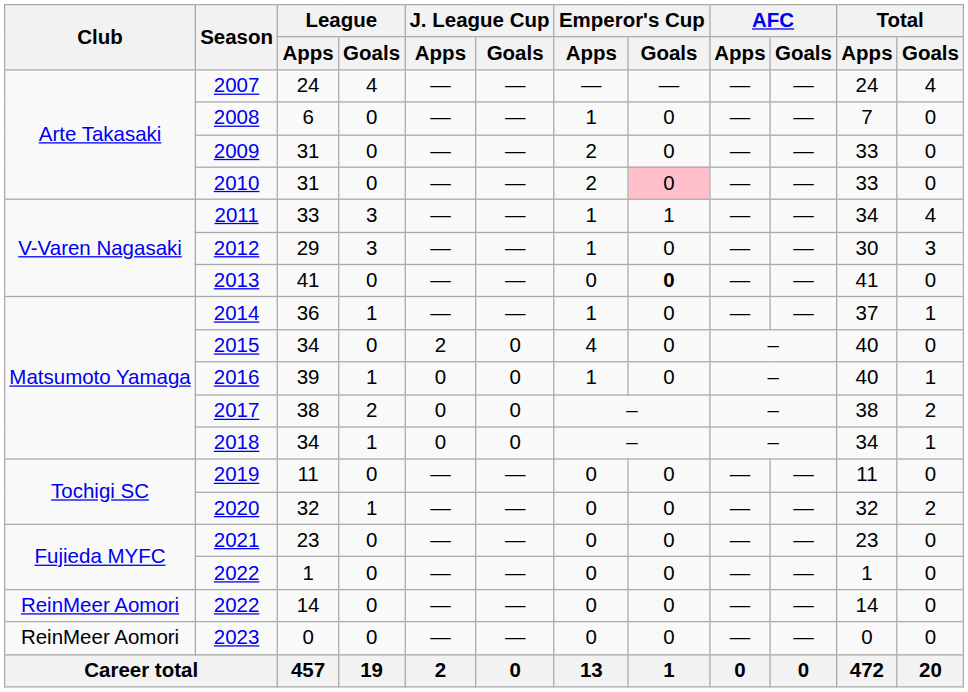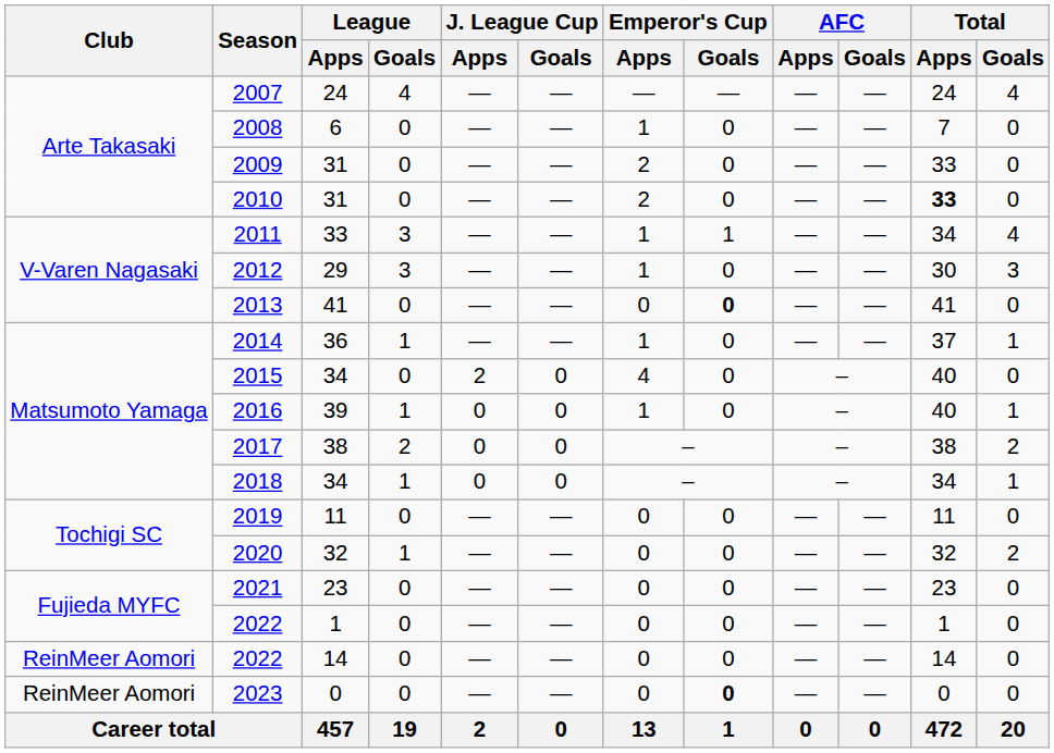 <table class="wikitable" style="text-align: center;">
 <tr>
 <th rowspan="2">Club</th>
 <th rowspan="2">Season</th>
 <th colspan="2">League</th>
 <th colspan="2">J. League Cup</th>
 <th colspan="2">Emperor's Cup</th>
 <th colspan="2"><a href='#'>AFC</a></th>
 <th colspan="2">Total</th>
 </tr>
 <tr>
 <th>Apps</th>
 <th>Goals</th>
 <th>Apps</th>
 <th>Goals</th>
 <th>Apps</th>
 <th>Goals</th>
 <th>Apps</th>
 <th>Goals</th>
 <th>Apps</th>
 <th>Goals</th>
 </tr>
 <tr>
 <td rowspan="4"><a href='#'>Arte Takasaki</a></td>
 <td><a href='#'>2007</a></td>
 <td>24</td>
 <td>4</td>
 <td>—</td>
 <td>—</td>
 <td>—</td>
 <td>—</td>
 <td>—</td>
 <td>—</td>
 <td>24</td>
 <td>4</td>
 </tr>
 <tr>
 <td><a href='#'>2008</a></td>
 <td>6</td>
 <td>0</td>
 <td>—</td>
 <td>—</td>
 <td>1</td>
 <td>0</td>
 <td>—</td>
 <td>—</td>
 <td>7</td>
 <td>0</td>
 </tr>
 <tr>
 <td><a href='#'>2009</a></td>
 <td>31</td>
 <td>0</td>
 <td>—</td>
 <td>—</td>
 <td>2</td>
 <td>0</td>
 <td>—</td>
 <td>—</td>
 <td>33</td>
 <td>0</td>
 </tr>
 <tr>
 <td><a href='#'>2010</a></td>
 <td>31</td>
 <td>0</td>
 <td>—</td>
 <td>—</td>
 <td>2</td>
-<td style="background: pink;">0</td>
+<td>0</td>
 <td>—</td>
 <td>—</td>
-<td>33</td>
+<td><strong>33</strong></td>
 <td>0</td>
 </tr>
 <tr>
 <td rowspan="3"><a href='#'>V-Varen Nagasaki</a></td>
 <td><a href='#'>2011</a></td>
 <td>33</td>
 <td>3</td>
 <td>—</td>
 <td>—</td>
 <td>1</td>
 <td>1</td>
 <td>—</td>
 <td>—</td>
 <td>34</td>
 <td>4</td>
 </tr>
 <tr>
 <td><a href='#'>2012</a></td>
 <td>29</td>
 <td>3</td>
 <td>—</td>
 <td>—</td>
 <td>1</td>
 <td>0</td>
 <td>—</td>
 <td>—</td>
 <td>30</td>
 <td>3</td>
 </tr>
 <tr>
 <td><a href='#'>2013</a></td>
 <td>41</td>
 <td>0</td>
 <td>—</td>
 <td>—</td>
 <td>0</td>
 <td><strong>0</strong></td>
 <td>—</td>
 <td>—</td>
 <td>41</td>
 <td>0</td>
 </tr>
 <tr>
 <td rowspan="5"><a href='#'>Matsumoto Yamaga</a></td>
 <td><a href='#'>2014</a></td>
 <td>36</td>
 <td>1</td>
 <td>—</td>
 <td>—</td>
 <td>1</td>
 <td>0</td>
 <td>—</td>
 <td>—</td>
 <td>37</td>
 <td>1</td>
 </tr>
 <tr>
 <td><a href='#'>2015</a></td>
 <td>34</td>
 <td>0</td>
 <td>2</td>
 <td>0</td>
 <td>4</td>
 <td>0</td>
 <td colspan="2">–</td>
 <td>40</td>
 <td>0</td>
 </tr>
 <tr>
 <td><a href='#'>2016</a></td>
 <td>39</td>
 <td>1</td>
 <td>0</td>
 <td>0</td>
 <td>1</td>
 <td>0</td>
 <td colspan="2">–</td>
 <td>40</td>
 <td>1</td>
 </tr>
 <tr>
 <td><a href='#'>2017</a></td>
 <td>38</td>
 <td>2</td>
 <td>0</td>
 <td>0</td>
 <td colspan="2">–</td>
 <td colspan="2">–</td>
 <td>38</td>
 <td>2</td>
 </tr>
 <tr>
 <td><a href='#'>2018</a></td>
 <td>34</td>
 <td>1</td>
 <td>0</td>
 <td>0</td>
 <td colspan="2">–</td>
 <td colspan="2">–</td>
 <td>34</td>
 <td>1</td>
 </tr>
 <tr>
 <td rowspan="2"><a href='#'>Tochigi SC</a></td>
 <td><a href='#'>2019</a></td>
 <td>11</td>
 <td>0</td>
 <td>—</td>
 <td>—</td>
 <td>0</td>
 <td>0</td>
 <td>—</td>
 <td>—</td>
 <td>11</td>
 <td>0</td>
 </tr>
 <tr>
 <td><a href='#'>2020</a></td>
 <td>32</td>
 <td>1</td>
 <td>—</td>
 <td>—</td>
 <td>0</td>
 <td>0</td>
 <td>—</td>
 <td>—</td>
 <td>32</td>
 <td>2</td>
 </tr>
 <tr>
 <td rowspan="2"><a href='#'>Fujieda MYFC</a></td>
 <td><a href='#'>2021</a></td>
 <td>23</td>
 <td>0</td>
 <td>—</td>
 <td>—</td>
 <td>0</td>
 <td>0</td>
 <td>—</td>
 <td>—</td>
 <td>23</td>
 <td>0</td>
 </tr>
 <tr>
 <td><a href='#'>2022</a></td>
 <td>1</td>
 <td>0</td>
 <td>—</td>
 <td>—</td>
 <td>0</td>
 <td>0</td>
 <td>—</td>
 <td>—</td>
 <td>1</td>
 <td>0</td>
 </tr>
 <tr>
 <td><a href='#'>ReinMeer Aomori</a></td>
 <td><a href='#'>2022</a></td>
 <td>14</td>
 <td>0</td>
 <td>—</td>
 <td>—</td>
 <td>0</td>
 <td>0</td>
 <td>—</td>
 <td>—</td>
 <td>14</td>
 <td>0</td>
 </tr>
 <tr>
 <td>ReinMeer Aomori</td>
 <td><a href='#'>2023</a></td>
 <td>0</td>
 <td>0</td>
 <td>—</td>
 <td>—</td>
 <td>0</td>
-<td>0</td>
+<td><strong>0</strong></td>
 <td>—</td>
 <td>—</td>
 <td>0</td>
 <td>0</td>
 </tr>
 <tr>
 <th colspan="2">Career total</th>
 <th>457</th>
 <th>19</th>
 <th>2</th>
 <th>0</th>
 <th>13</th>
 <th>1</th>
 <th>0</th>
 <th>0</th>
 <th>472</th>
 <th>20</th>
 </tr>
 </table>
